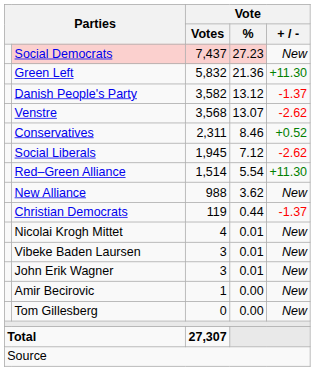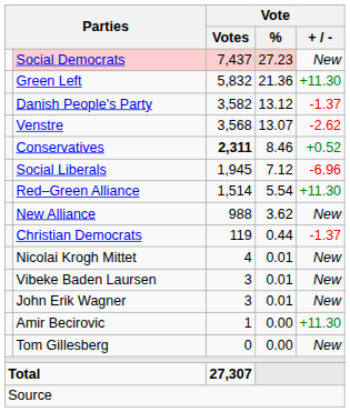 <table class="wikitable" style="text-align:right;">
 <tr>
 <th style="text-align:centre;" rowspan="2" colspan="2" width="225">Parties</th>
 <th colspan="3">Vote</th>
 </tr>
 <tr>
 <th width="15">Votes</th>
 <th width="15">%</th>
 <th width="15">+ / -</th>
 </tr>
 <tr>
 <td width="2" style="color:inherit;background:"></td>
 <td bgcolor=#fbd0ce  align="left"><a href='#'>Social Democrats</a></td>
 <td bgcolor=#fbd0ce>7,437</td>
 <td bgcolor=#fbd0ce>27.23</td>
 <td><em>New</em></td>
 </tr>
 <tr>
 <td width="2" style="color:inherit;background:"></td>
 <td align="left"><a href='#'>Green Left</a></td>
 <td>5,832</td>
 <td>21.36</td>
 <td style=color:green;>+11.30</td>
 </tr>
 <tr>
 <td width="2" style="color:inherit;background:"></td>
 <td align="left"><a href='#'>Danish People's Party</a></td>
 <td>3,582</td>
 <td>13.12</td>
 <td style=color:red;>-1.37</td>
 </tr>
 <tr>
 <td width="2" style="color:inherit;background:"></td>
 <td align="left"><a href='#'>Venstre</a></td>
 <td>3,568</td>
 <td>13.07</td>
 <td style=color:red;>-2.62</td>
 </tr>
 <tr>
 <td width="2" style="color:inherit;background:"></td>
 <td align="left"><a href='#'>Conservatives</a></td>
-<td>2,311</td>
+<td><strong>2,311</strong></td>
 <td>8.46</td>
 <td style=color:green;>+0.52</td>
 </tr>
 <tr>
 <td width="2" style="color:inherit;background:"></td>
 <td align="left"><a href='#'>Social Liberals</a></td>
 <td>1,945</td>
 <td>7.12</td>
-<td style=color:red;>-2.62</td>
+<td style=color:red;>-6.96</td>
 </tr>
 <tr>
 <td width="2" style="color:inherit;background:"></td>
 <td align="left"><a href='#'>Red–Green Alliance</a></td>
 <td>1,514</td>
 <td>5.54</td>
 <td style=color:green;>+11.30</td>
 </tr>
 <tr>
 <td width="2" style="color:inherit;background:"></td>
 <td align="left"><a href='#'>New Alliance</a></td>
 <td>988</td>
 <td>3.62</td>
 <td><em>New</em></td>
 </tr>
 <tr>
 <td width="2" style="color:inherit;background:"></td>
 <td align="left"><a href='#'>Christian Democrats</a></td>
 <td>119</td>
 <td>0.44</td>
 <td style=color:red;>-1.37</td>
 </tr>
 <tr>
 <td width="2" style="color:inherit;background:"></td>
 <td align="left">Nicolai Krogh Mittet</td>
 <td>4</td>
 <td>0.01</td>
 <td><em>New</em></td>
 </tr>
 <tr>
 <td width="2" style="color:inherit;background:"></td>
 <td align="left">Vibeke Baden Laursen</td>
 <td>3</td>
 <td>0.01</td>
 <td><em>New</em></td>
 </tr>
 <tr>
 <td width="2" style="color:inherit;background:"></td>
 <td align="left">John Erik Wagner</td>
 <td>3</td>
 <td>0.01</td>
 <td><em>New</em></td>
 </tr>
 <tr>
 <td width="2" style="color:inherit;background:"></td>
 <td align="left">Amir Becirovic</td>
 <td>1</td>
 <td>0.00</td>
-<td><em>New</em></td>
+<td style=color:green;>+11.30</td>
 </tr>
 <tr>
 <td width="2" style="color:inherit;background:"></td>
 <td align="left">Tom Gillesberg</td>
 <td>0</td>
 <td>0.00</td>
 <td><em>New</em></td>
 </tr>
 <tr>
 <td colspan="7" bgcolor="#E9E9E9"></td>
 </tr>
 <tr>
 <td align="left" colspan="2"><strong>Total</strong></td>
 <td><strong>27,307</strong></td>
 <td bgcolor="#E9E9E9" colspan="2"></td>
 </tr>
 <tr>
 <td align="left" colspan="6">Source</td>
 </tr>
 </table>
